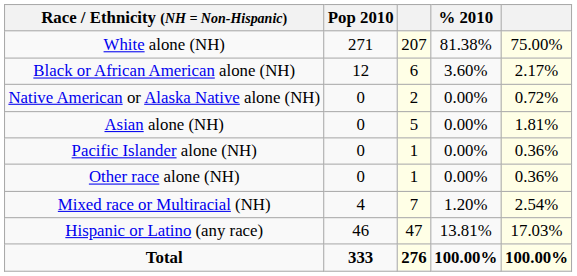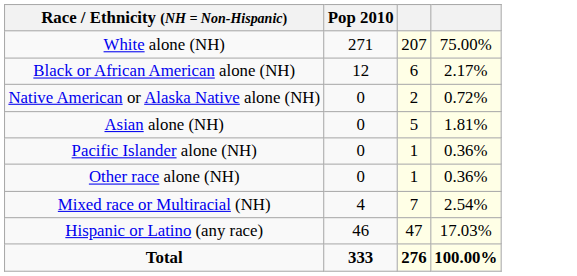 <table class="wikitable" style="text-align:center;">
 <tr>
 <th>Race / Ethnicity <small>(<em>NH = Non-Hispanic</em>)</small></th>
 <th>Pop 2010</th>
 <th></th>
-<th>% 2010</th>
 <th></th>
 </tr>
 <tr>
 <td><a href='#'>White</a> alone (NH)</td>
 <td>271</td>
 <td style='background: #ffffe6;'>207</td>
-<td>81.38%</td>
 <td style='background: #ffffe6;'>75.00%</td>
 </tr>
 <tr>
 <td><a href='#'>Black or African American</a> alone (NH)</td>
 <td>12</td>
 <td style='background: #ffffe6;'>6</td>
-<td>3.60%</td>
 <td style='background: #ffffe6;'>2.17%</td>
 </tr>
 <tr>
 <td><a href='#'>Native American</a> or <a href='#'>Alaska Native</a> alone (NH)</td>
 <td>0</td>
 <td style='background: #ffffe6;'>2</td>
-<td>0.00%</td>
 <td style='background: #ffffe6;'>0.72%</td>
 </tr>
 <tr>
 <td><a href='#'>Asian</a> alone (NH)</td>
 <td>0</td>
 <td style='background: #ffffe6;'>5</td>
-<td>0.00%</td>
 <td style='background: #ffffe6;'>1.81%</td>
 </tr>
 <tr>
 <td><a href='#'>Pacific Islander</a> alone (NH)</td>
 <td>0</td>
 <td style='background: #ffffe6;'>1</td>
-<td>0.00%</td>
 <td style='background: #ffffe6;'>0.36%</td>
 </tr>
 <tr>
 <td><a href='#'>Other race</a> alone (NH)</td>
 <td>0</td>
 <td style='background: #ffffe6;'>1</td>
-<td>0.00%</td>
 <td style='background: #ffffe6;'>0.36%</td>
 </tr>
 <tr>
 <td><a href='#'>Mixed race or Multiracial</a> (NH)</td>
 <td>4</td>
 <td style='background: #ffffe6;'>7</td>
-<td>1.20%</td>
 <td style='background: #ffffe6;'>2.54%</td>
 </tr>
 <tr>
 <td><a href='#'>Hispanic or Latino</a> (any race)</td>
 <td>46</td>
 <td style='background: #ffffe6;'>47</td>
-<td>13.81%</td>
 <td style='background: #ffffe6;'>17.03%</td>
 </tr>
 <tr>
 <td><strong>Total</strong></td>
 <td><strong>333</strong></td>
 <td style='background: #ffffe6;'><strong>276</strong></td>
-<td><strong>100.00%</strong></td>
 <td style='background: #ffffe6;'><strong>100.00%</strong></td>
 </tr>
 </table>
